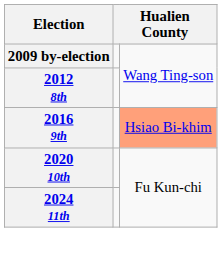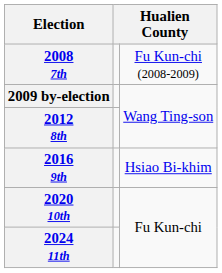 <table class="wikitable" align="center" style="text-align:center">
 <tr>
 <th>Election</th>
 <th colspan="2" width="80px">Hualien County</th>
+</tr>
+<tr>
+<th><a href='#'>2008</a><br><small><em><a href='#'>7th</a></em></small><br></th>
+<td style="color:inherit;background:"></td>
+<td><a href='#'>Fu Kun-chi</a><br><small>(2008-2009)</small><br></td>
 </tr>
 <tr>
 <th>2009 by-election</th>
 <td style="color:inherit;background:"></td>
 <td rowspan=2><a href='#'>Wang Ting-son</a></td>
 </tr>
 <tr>
 <th><a href='#'>2012</a><br><small><em><a href='#'>8th</a></em></small><br></th>
 </tr>
 <tr>
 <th><a href='#'>2016</a><br><small><em><a href='#'>9th</a></em></small><br></th>
 <td style="color:inherit;background:"></td>
-<td style="background: lightsalmon;"><a href='#'>Hsiao Bi-khim</a></td>
+<td><a href='#'>Hsiao Bi-khim</a></td>
 </tr>
 <tr>
 <th><a href='#'>2020</a><br><small><em><a href='#'>10th</a></em></small><br></th>
 <td style="color:inherit;background:"></td>
 <td rowspan=2>Fu Kun-chi</td>
 </tr>
 <tr>
 <th><a href='#'>2024</a><br><small><em><a href='#'>11th</a></em></small><br></th>
 <td style="color:inherit;background:"></td>
 </tr>
 </table>
